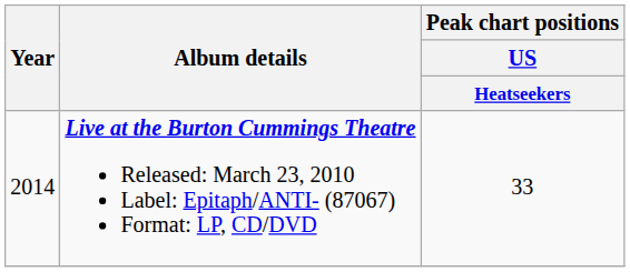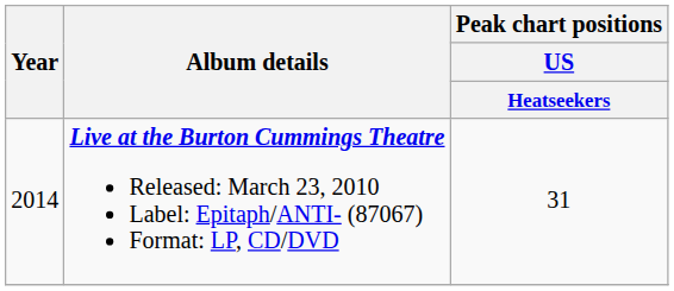 <table class ="wikitable">
 <tr>
 <th rowspan="3">Year</th>
 <th rowspan="3">Album details</th>
 <th colspan="1">Peak chart positions</th>
 </tr>
 <tr>
 <th colspan="1" align="center"><a href='#'>US</a></th>
 </tr>
 <tr>
 <th><small><a href='#'>Heatseekers</a></small><br></th>
 </tr>
 <tr>
 <td>2014</td>
 <td><strong><em><a href='#'>Live at the Burton Cummings Theatre</a></em></strong><br><ul><li>Released: March 23, 2010</li><li>Label: <a href='#'>Epitaph</a>/<a href='#'>ANTI-</a> (87067)</li><li>Format: <a href='#'>LP</a>, <a href='#'>CD</a>/<a href='#'>DVD</a></li></ul></td>
-<td align="center"> 33</td>
+<td align="center"> 31</td>
 </tr>
 <tr>
 </tr>
 </table>
